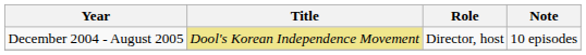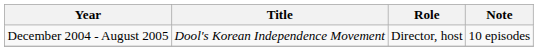 <table class="wikitable">
 <tr>
 <th>Year</th>
 <th>Title</th>
 <th>Role</th>
 <th>Note</th>
 </tr>
 <tr>
 <td>December 2004 - August 2005</td>
-<td style="background: khaki;"><em>Dool's Korean Independence Movement</em></td>
+<td><em>Dool's Korean Independence Movement</em></td>
 <td>Director, host</td>
 <td>10 episodes</td>
 </tr>
 <tr>
 </tr>
 </table>
